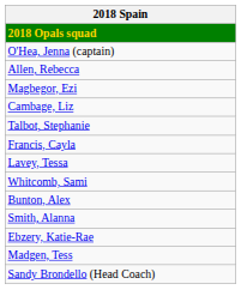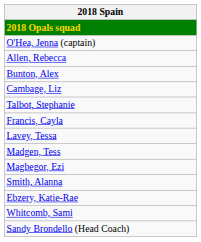 <table class="wikitable collapsible autocollapse" width=25%>
 <tr>
 <th>2018 Spain</th>
 </tr>
 <tr>
 <td bgcolor=green style="color:gold; width:200px"><strong>2018 Opals squad</strong></td>
 </tr>
 <tr>
 <td><a href='#'>O'Hea, Jenna</a> (captain)</td>
 </tr>
 <tr>
 <td><a href='#'>Allen, Rebecca</a></td>
 </tr>
 <tr>
-<td><a href='#'>Magbegor, Ezi</a></td>
+<td><a href='#'>Bunton, Alex</a></td>
 </tr>
 <tr>
 <td><a href='#'>Cambage, Liz</a></td>
 </tr>
 <tr>
 <td><a href='#'>Talbot, Stephanie</a></td>
 </tr>
 <tr>
 <td><a href='#'>Francis, Cayla</a></td>
 </tr>
 <tr>
 <td><a href='#'>Lavey, Tessa</a></td>
 </tr>
 <tr>
-<td><a href='#'>Whitcomb, Sami</a></td>
+<td><a href='#'>Madgen, Tess</a></td>
 </tr>
 <tr>
-<td><a href='#'>Bunton, Alex</a></td>
+<td><a href='#'>Magbegor, Ezi</a></td>
 </tr>
 <tr>
 <td><a href='#'>Smith, Alanna</a></td>
 </tr>
 <tr>
 <td><a href='#'>Ebzery, Katie-Rae</a></td>
 </tr>
 <tr>
-<td><a href='#'>Madgen, Tess</a></td>
+<td><a href='#'>Whitcomb, Sami</a></td>
 </tr>
 <tr>
 <td><a href='#'>Sandy Brondello</a> (Head Coach)</td>
 </tr>
 </table>
